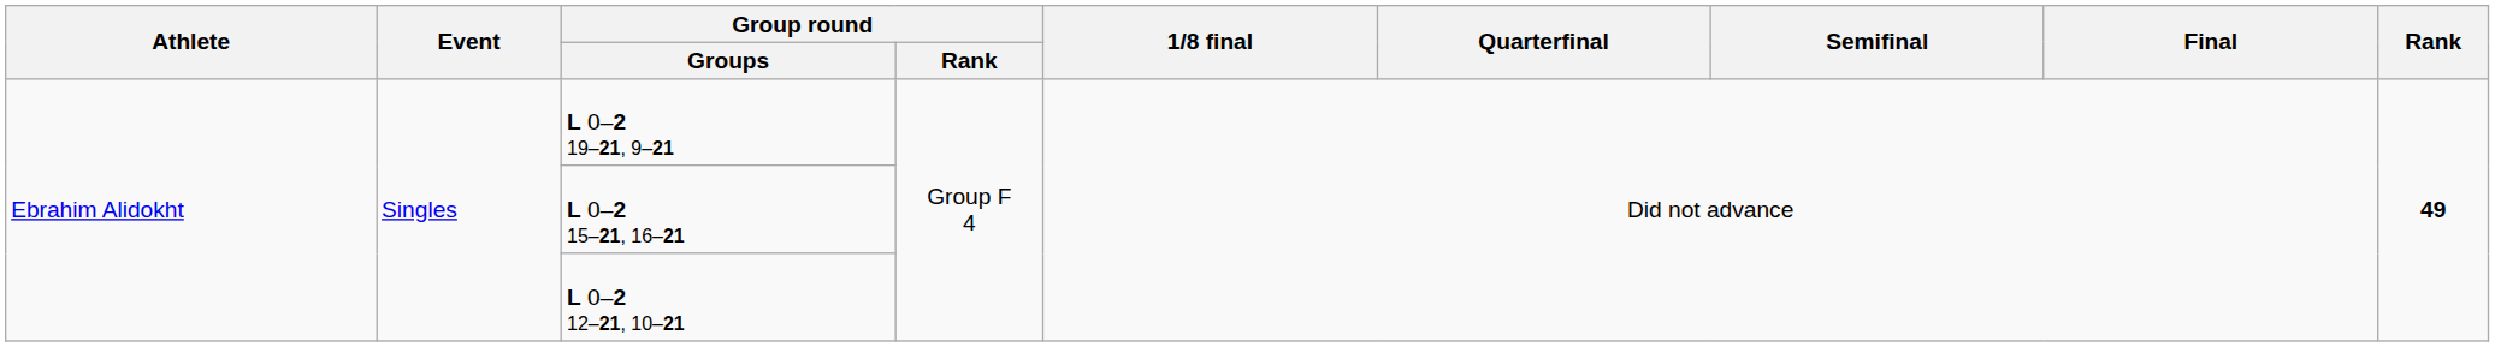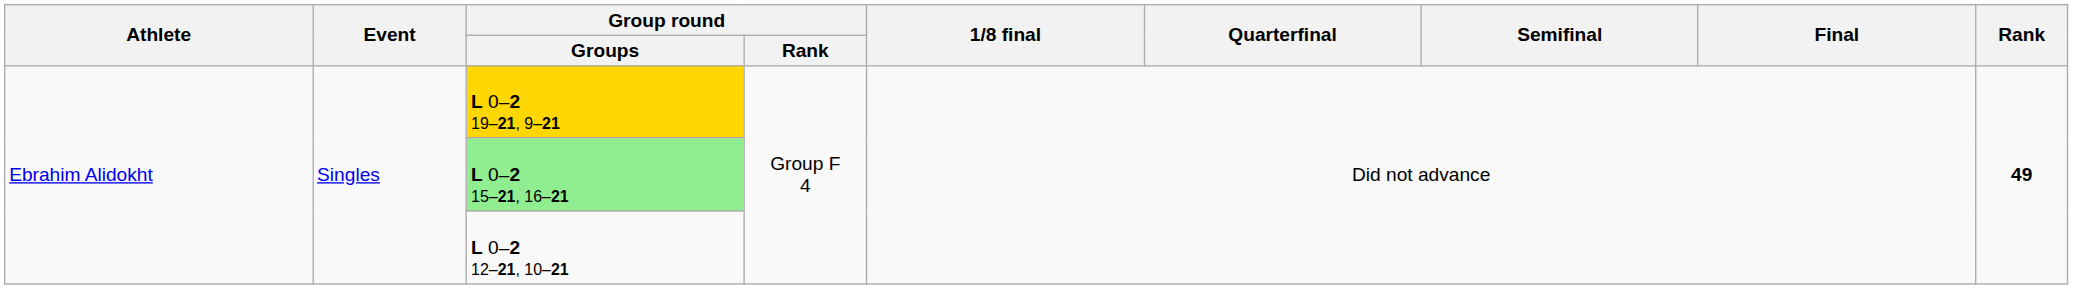 <table class="wikitable" width="98%" style="text-align:left; font-size:90%">
 <tr>
 <th rowspan="2" width="10%">Athlete</th>
 <th rowspan="2" width="5%">Event</th>
 <th colspan="2">Group round</th>
 <th rowspan="2" width="9%">1/8 final</th>
 <th rowspan="2" width="9%">Quarterfinal</th>
 <th rowspan="2" width="9%">Semifinal</th>
 <th rowspan="2" width="9%">Final</th>
 <th rowspan="2" width="3%">Rank</th>
 </tr>
 <tr>
 <th width="9%">Groups</th>
 <th width="4%">Rank</th>
 </tr>
 <tr>
 <td rowspan="3"><a href='#'>Ebrahim Alidokht</a></td>
 <td rowspan="3"><a href='#'>Singles</a></td>
-<td><br><strong>L</strong> 0–<strong>2</strong><br><small>19–<strong>21</strong>, 9–<strong>21</strong></small></td>
+<td style="background: gold;"><br><strong>L</strong> 0–<strong>2</strong><br><small>19–<strong>21</strong>, 9–<strong>21</strong></small></td>
 <td rowspan="3" align=center>Group F<br>4</td>
 <td rowspan="3" colspan=4 align=center>Did not advance</td>
 <td rowspan="3" align=center><strong>49</strong></td>
 </tr>
 <tr>
-<td><br><strong>L</strong> 0–<strong>2</strong><br><small>15–<strong>21</strong>, 16–<strong>21</strong></small></td>
+<td style="background: lightgreen;"><br><strong>L</strong> 0–<strong>2</strong><br><small>15–<strong>21</strong>, 16–<strong>21</strong></small></td>
 </tr>
 <tr>
 <td><br><strong>L</strong> 0–<strong>2</strong><br><small>12–<strong>21</strong>, 10–<strong>21</strong></small></td>
 </tr>
 </table>
